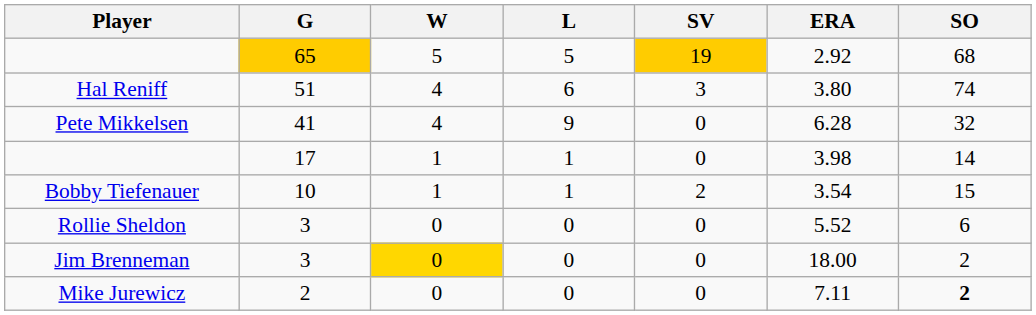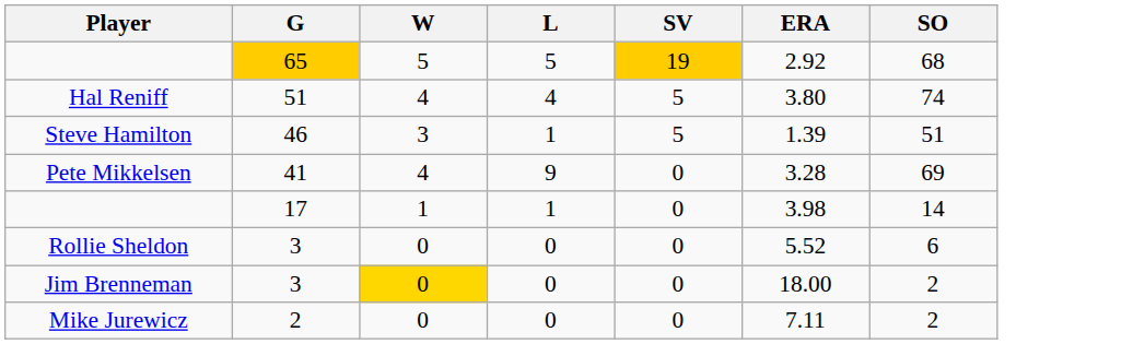 <table class="wikitable sortable">
 <tr>
 <th bgcolor="#DDDDFF" width="16%">Player</th>
 <th bgcolor="#DDDDFF" width="9%">G</th>
 <th bgcolor="#DDDDFF" width="9%">W</th>
 <th bgcolor="#DDDDFF" width="9%">L</th>
 <th bgcolor="#DDDDFF" width="9%">SV</th>
 <th bgcolor="#DDDDFF" width="9%">ERA</th>
 <th bgcolor="#DDDDFF" width="9%">SO</th>
 </tr>
 <tr align="center">
 <td></td>
 <td style="background:#fc0;">65</td>
 <td>5</td>
 <td>5</td>
 <td style="background:#fc0;">19</td>
 <td>2.92</td>
 <td>68</td>
 </tr>
 <tr align="center">
 <td><a href='#'>Hal Reniff</a></td>
 <td>51</td>
 <td>4</td>
-<td>6</td>
-<td>3</td>
+<td>4</td>
+<td>5</td>
 <td>3.80</td>
 <td>74</td>
+</tr>
+<tr align="center">
+<td><a href='#'>Steve Hamilton</a></td>
+<td>46</td>
+<td>3</td>
+<td>1</td>
+<td>5</td>
+<td>1.39</td>
+<td>51</td>
 </tr>
 <tr align="center">
 <td><a href='#'>Pete Mikkelsen</a></td>
 <td>41</td>
 <td>4</td>
 <td>9</td>
 <td>0</td>
-<td>6.28</td>
-<td>32</td>
+<td>3.28</td>
+<td>69</td>
 </tr>
 <tr align="center">
 <td></td>
 <td>17</td>
 <td>1</td>
 <td>1</td>
 <td>0</td>
 <td>3.98</td>
 <td>14</td>
-</tr>
-<tr align="center">
-<td><a href='#'>Bobby Tiefenauer</a></td>
-<td>10</td>
-<td>1</td>
-<td>1</td>
-<td>2</td>
-<td>3.54</td>
-<td>15</td>
 </tr>
 <tr align="center">
 <td><a href='#'>Rollie Sheldon</a></td>
 <td>3</td>
 <td>0</td>
 <td>0</td>
 <td>0</td>
 <td>5.52</td>
 <td>6</td>
 </tr>
 <tr align="center">
 <td><a href='#'>Jim Brenneman</a></td>
 <td>3</td>
 <td style="background: gold;">0</td>
 <td>0</td>
 <td>0</td>
 <td>18.00</td>
 <td>2</td>
 </tr>
 <tr align="center">
 <td><a href='#'>Mike Jurewicz</a></td>
 <td>2</td>
 <td>0</td>
 <td>0</td>
 <td>0</td>
 <td>7.11</td>
-<td><strong>2</strong></td>
+<td>2</td>
 </tr>
 </table>
